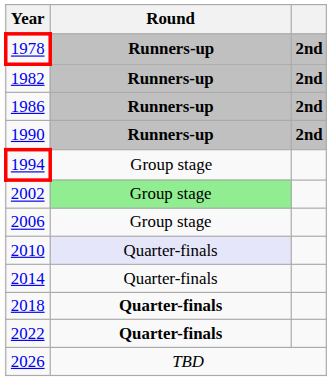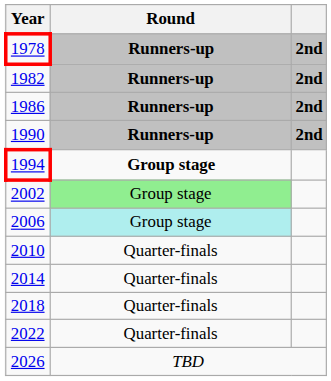 <table class="wikitable" style="text-align: center; font-size:90%">
 <tr>
 <th>Year</th>
 <th style="width:200px">Round</th>
 <th></th>
 </tr>
 <tr>
 <td style="border: 3px solid red"><a href='#'>1978</a></td>
 <td bgcolor=Silver><strong>Runners-up</strong></td>
 <td bgcolor=Silver><strong>2nd</strong></td>
 </tr>
 <tr>
 <td><a href='#'>1982</a></td>
 <td bgcolor=Silver><strong>Runners-up</strong></td>
 <td bgcolor=Silver><strong>2nd</strong></td>
 </tr>
 <tr>
 <td><a href='#'>1986</a></td>
 <td bgcolor=Silver><strong>Runners-up</strong></td>
 <td bgcolor=Silver><strong>2nd</strong></td>
 </tr>
 <tr>
 <td><a href='#'>1990</a></td>
 <td bgcolor=Silver><strong>Runners-up</strong></td>
 <td bgcolor=Silver><strong>2nd</strong></td>
 </tr>
 <tr>
 <td style="border: 3px solid red"><a href='#'>1994</a></td>
-<td>Group stage</td>
+<td><strong>Group stage</strong></td>
 <td></td>
 </tr>
 <tr>
 <td><a href='#'>2002</a></td>
 <td style="background: lightgreen;">Group stage</td>
 <td></td>
 </tr>
 <tr>
 <td><a href='#'>2006</a></td>
-<td>Group stage</td>
+<td style="background: paleturquoise;">Group stage</td>
 <td></td>
 </tr>
 <tr>
 <td><a href='#'>2010</a></td>
-<td style="background: lavender;">Quarter-finals</td>
+<td>Quarter-finals</td>
 <td></td>
 </tr>
 <tr>
 <td><a href='#'>2014</a></td>
 <td>Quarter-finals</td>
 <td></td>
 </tr>
 <tr>
 <td><a href='#'>2018</a></td>
-<td><strong>Quarter-finals</strong></td>
+<td>Quarter-finals</td>
 <td></td>
 </tr>
 <tr>
 <td><a href='#'>2022</a></td>
-<td><strong>Quarter-finals</strong></td>
+<td>Quarter-finals</td>
 <td></td>
 </tr>
 <tr>
 <td><a href='#'>2026</a></td>
 <td colspan="2"><em>TBD</em></td>
 </tr>
 </table>
